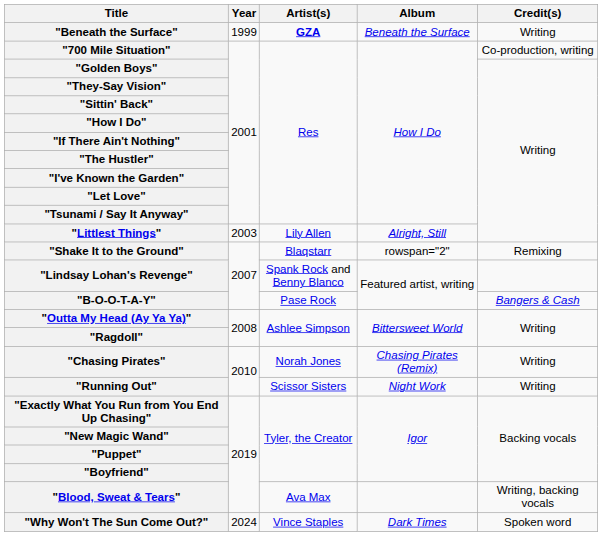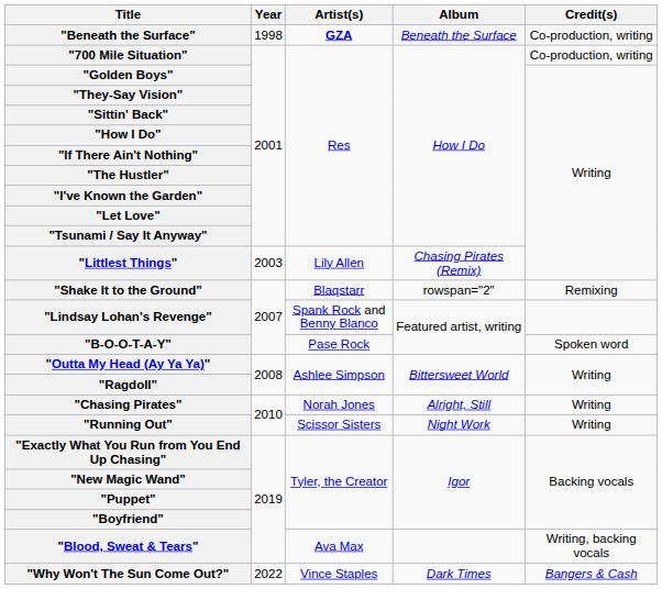 <table class="wikitable plainrowheaders" style="text-align:center;">
 <tr>
 <th scope="col" style="width:19em;">Title</th>
 <th scope="col" style="width:1em;">Year</th>
 <th scope="col" style="width:8em;">Artist(s)</th>
 <th scope="col" style="width:10em;">Album</th>
 <th scope="col" style="width:10em;">Credit(s)</th>
 </tr>
 <tr>
 <th scope="row">"Beneath the Surface"</th>
-<td>1999</td>
+<td>1998</td>
 <td><strong><a href='#'>GZA</a></strong></td>
 <td><em><a href='#'>Beneath the Surface</a></em></td>
-<td>Writing</td>
+<td>Co-production, writing</td>
 </tr>
 <tr>
 <th scope="row">"700 Mile Situation"</th>
 <td rowspan="10">2001</td>
 <td rowspan="10"><a href='#'>Res</a></td>
 <td rowspan="10"><em><a href='#'>How I Do</a></em></td>
 <td>Co-production, writing</td>
 </tr>
 <tr>
 <th scope="row">"Golden Boys"</th>
 <td rowspan="10">Writing</td>
 </tr>
 <tr>
 <th scope="row">"They-Say Vision"</th>
 </tr>
 <tr>
 <th scope="row">"Sittin' Back"</th>
 </tr>
 <tr>
 <th scope="row">"How I Do"</th>
 </tr>
 <tr>
 <th scope="row">"If There Ain't Nothing"</th>
 </tr>
 <tr>
 <th scope="row">"The Hustler"</th>
 </tr>
 <tr>
 <th scope="row">"I've Known the Garden"</th>
 </tr>
 <tr>
 <th scope="row">"Let Love"</th>
 </tr>
 <tr>
 <th scope="row">"Tsunami / Say It Anyway"</th>
 </tr>
 <tr>
 <th scope="row">"<a href='#'>Littlest Things</a>"</th>
 <td>2003</td>
 <td><a href='#'>Lily Allen</a></td>
-<td><em><a href='#'>Alright, Still</a></em></td>
+<td><em><a href='#'>Chasing Pirates (Remix)</a></em></td>
 </tr>
 <tr>
 <th scope="row">"Shake It to the Ground"<br></th>
 <td rowspan="3">2007</td>
 <td><a href='#'>Blaqstarr</a></td>
 <td>rowspan="2" </td>
 <td>Remixing</td>
 </tr>
 <tr>
 <th scope="row">"Lindsay Lohan's Revenge"</th>
 <td><a href='#'>Spank Rock</a> and <a href='#'>Benny Blanco</a></td>
 <td rowspan="2">Featured artist, writing</td>
 </tr>
 <tr>
 <th scope="row">"B-O-O-T-A-Y"<br></th>
 <td><a href='#'>Pase Rock</a></td>
-<td><em><a href='#'>Bangers & Cash</a></em></td>
+<td>Spoken word</td>
 </tr>
 <tr>
 <th scope="row">"<a href='#'>Outta My Head (Ay Ya Ya)</a>"</th>
 <td rowspan="2">2008</td>
 <td rowspan="2"><a href='#'>Ashlee Simpson</a></td>
 <td rowspan="2"><em><a href='#'>Bittersweet World</a></em></td>
 <td rowspan="2">Writing</td>
 </tr>
 <tr>
 <th scope="row">"Ragdoll"</th>
 </tr>
 <tr>
 <th scope="row">"Chasing Pirates"<br></th>
 <td rowspan="2">2010</td>
 <td><a href='#'>Norah Jones</a></td>
-<td><em><a href='#'>Chasing Pirates (Remix)</a></em></td>
+<td><em><a href='#'>Alright, Still</a></em></td>
 <td>Writing</td>
 </tr>
 <tr>
 <th scope="row">"Running Out"</th>
 <td><a href='#'>Scissor Sisters</a></td>
 <td><em><a href='#'>Night Work</a></em></td>
 <td>Writing</td>
 </tr>
 <tr>
 <th scope="row">"Exactly What You Run from You End Up Chasing"</th>
 <td rowspan="5">2019</td>
 <td rowspan="4"><a href='#'>Tyler, the Creator</a></td>
 <td rowspan="4"><em><a href='#'>Igor</a></em></td>
 <td rowspan="4">Backing vocals</td>
 </tr>
 <tr>
 <th scope="row">"New Magic Wand"</th>
 </tr>
 <tr>
 <th scope="row">"Puppet"</th>
 </tr>
 <tr>
 <th scope="row">"Boyfriend"</th>
 </tr>
 <tr>
 <th scope="row">"<a href='#'>Blood, Sweat & Tears</a>"</th>
 <td><a href='#'>Ava Max</a></td>
 <td></td>
 <td>Writing, backing vocals</td>
 </tr>
 <tr>
 <th scope="row">"Why Won't The Sun Come Out?"</th>
-<td>2024</td>
+<td>2022</td>
 <td><a href='#'>Vince Staples</a></td>
 <td><em><a href='#'>Dark Times</a></em></td>
-<td>Spoken word</td>
+<td><em><a href='#'>Bangers & Cash</a></em></td>
 </tr>
 </table>
